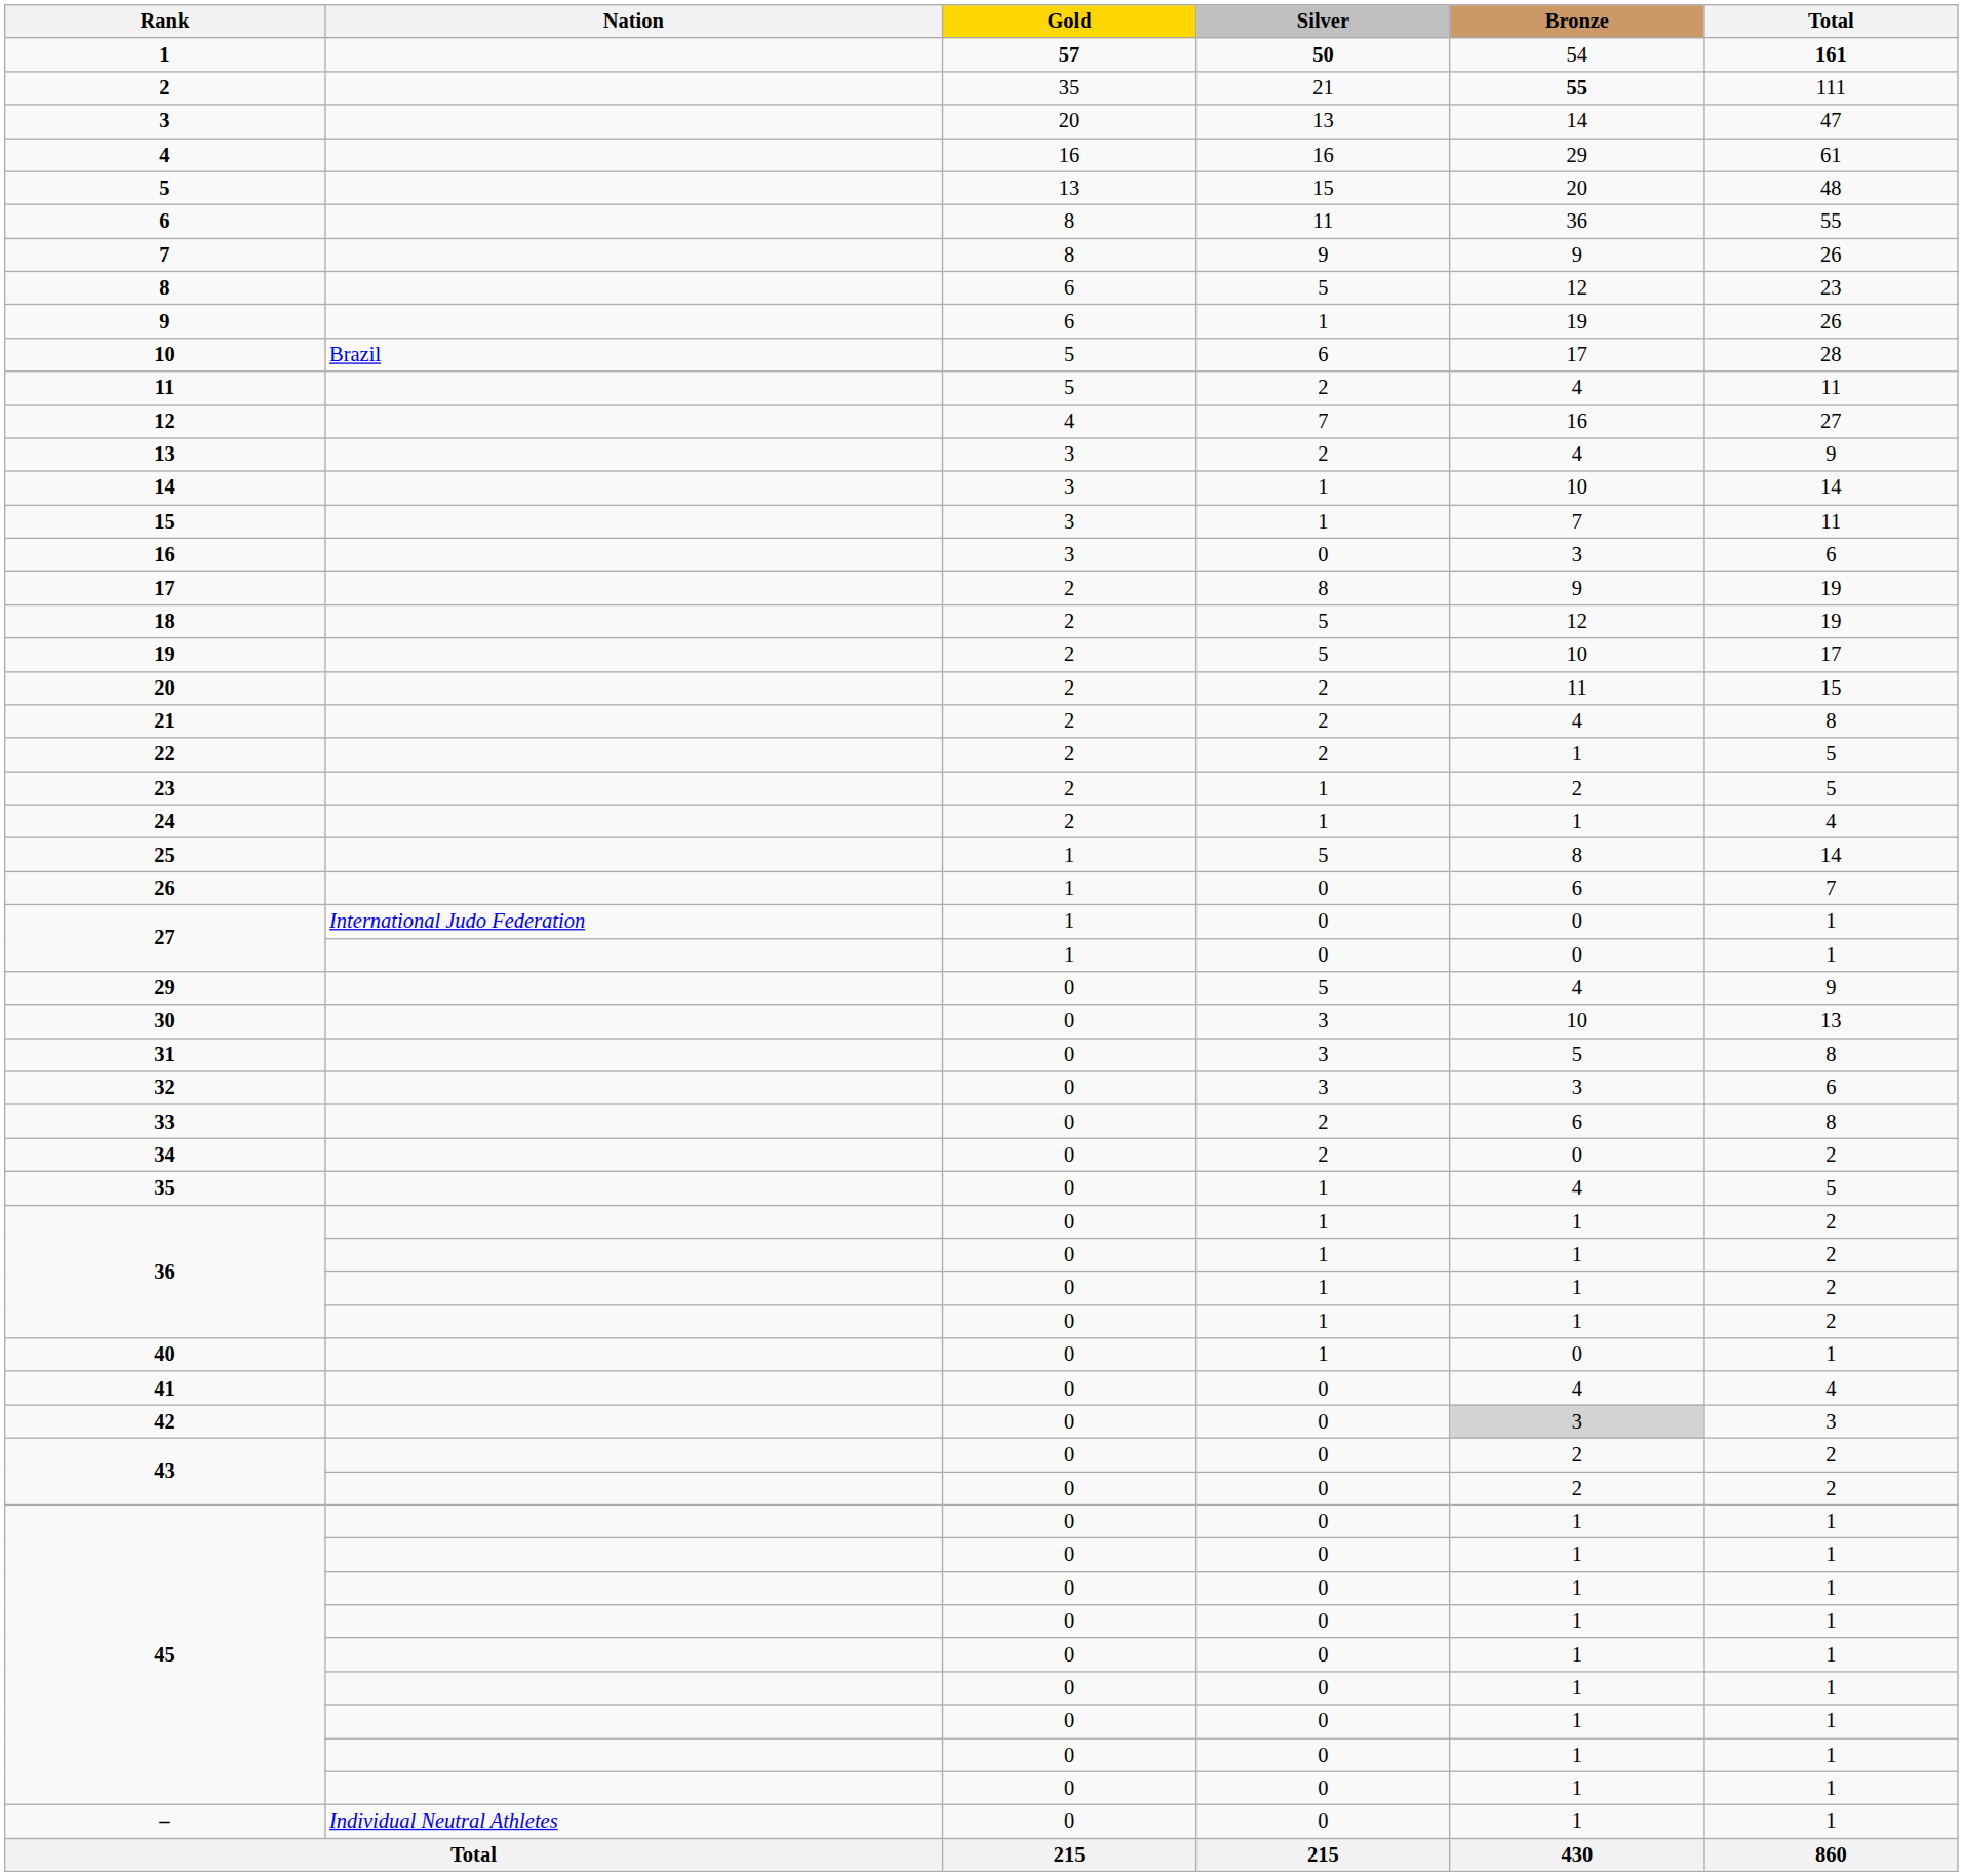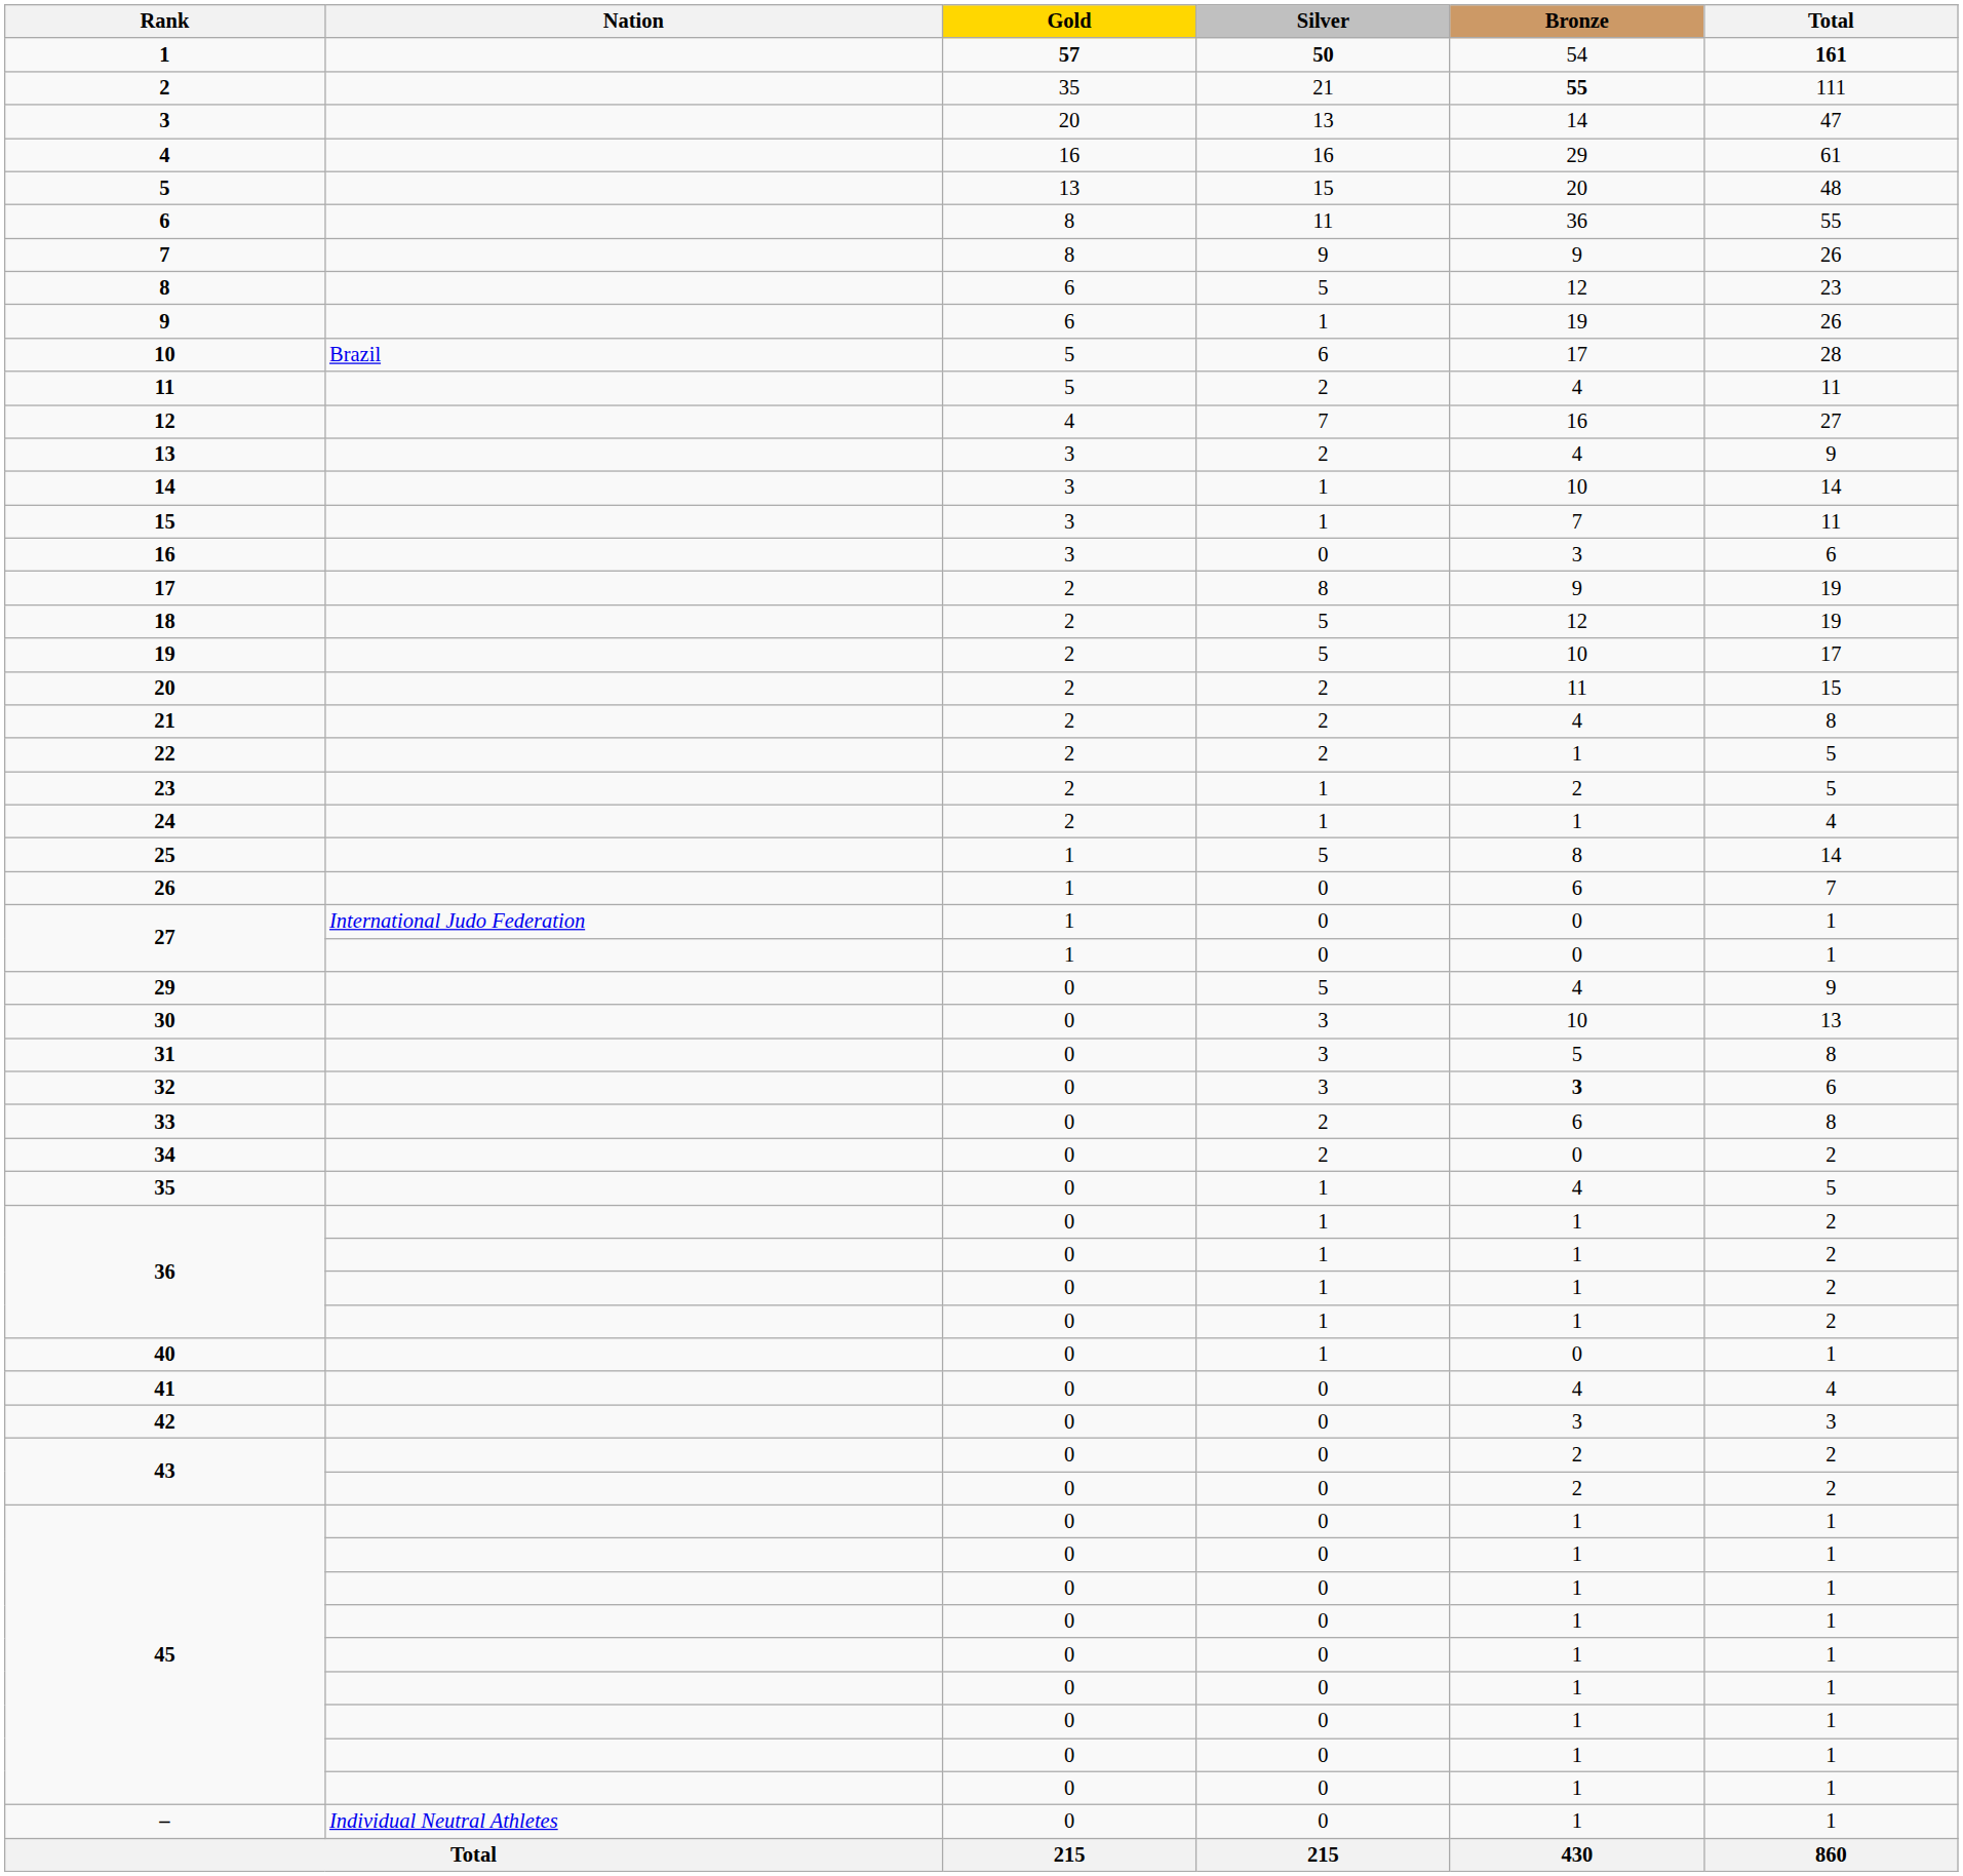 <table class="wikitable collapsible autocollapse plainrowheaders" width=75% style="text-align:center;">
 <tr style="background-color:#EDEDED;">
 <th width=100px class="hintergrundfarbe5">Rank</th>
 <th width=200px class="hintergrundfarbe6">Nation</th>
 <th style="background:    gold; width:13%">Gold</th>
 <th style="background:  silver; width:13%">Silver</th>
 <th style="background: #CC9966; width:13%">Bronze</th>
 <th class="hintergrundfarbe6" style="width:13%">Total</th>
 </tr>
 <tr>
 <td><strong>1</strong></td>
 <td align=left></td>
 <td><strong>57</strong></td>
 <td><strong>50</strong></td>
 <td>54</td>
 <td><strong>161</strong></td>
 </tr>
 <tr>
 <td><strong>2</strong></td>
 <td align=left></td>
 <td>35</td>
 <td>21</td>
 <td><strong>55</strong></td>
 <td>111</td>
 </tr>
 <tr>
 <td><strong>3</strong></td>
 <td align=left></td>
 <td>20</td>
 <td>13</td>
 <td>14</td>
 <td>47</td>
 </tr>
 <tr>
 <td><strong>4</strong></td>
 <td align=left></td>
 <td>16</td>
 <td>16</td>
 <td>29</td>
 <td>61</td>
 </tr>
 <tr>
 <td><strong>5</strong></td>
 <td align=left></td>
 <td>13</td>
 <td>15</td>
 <td>20</td>
 <td>48</td>
 </tr>
 <tr>
 <td><strong>6</strong></td>
 <td align=left></td>
 <td>8</td>
 <td>11</td>
 <td>36</td>
 <td>55</td>
 </tr>
 <tr>
 <td><strong>7</strong></td>
 <td align=left></td>
 <td>8</td>
 <td>9</td>
 <td>9</td>
 <td>26</td>
 </tr>
 <tr>
 <td><strong>8</strong></td>
 <td align=left></td>
 <td>6</td>
 <td>5</td>
 <td>12</td>
 <td>23</td>
 </tr>
 <tr>
 <td><strong>9</strong></td>
 <td align=left></td>
 <td>6</td>
 <td>1</td>
 <td>19</td>
 <td>26</td>
 </tr>
 <tr>
 <td><strong>10</strong></td>
 <td align=left> <a href='#'>Brazil</a></td>
 <td>5</td>
 <td>6</td>
 <td>17</td>
 <td>28</td>
 </tr>
 <tr>
 <td><strong>11</strong></td>
 <td align=left></td>
 <td>5</td>
 <td>2</td>
 <td>4</td>
 <td>11</td>
 </tr>
 <tr>
 <td><strong>12</strong></td>
 <td align=left></td>
 <td>4</td>
 <td>7</td>
 <td>16</td>
 <td>27</td>
 </tr>
 <tr>
 <td><strong>13</strong></td>
 <td align=left></td>
 <td>3</td>
 <td>2</td>
 <td>4</td>
 <td>9</td>
 </tr>
 <tr>
 <td><strong>14</strong></td>
 <td align=left></td>
 <td>3</td>
 <td>1</td>
 <td>10</td>
 <td>14</td>
 </tr>
 <tr>
 <td><strong>15</strong></td>
 <td align=left></td>
 <td>3</td>
 <td>1</td>
 <td>7</td>
 <td>11</td>
 </tr>
 <tr>
 <td><strong>16</strong></td>
 <td align=left></td>
 <td>3</td>
 <td>0</td>
 <td>3</td>
 <td>6</td>
 </tr>
 <tr>
 <td><strong>17</strong></td>
 <td align=left></td>
 <td>2</td>
 <td>8</td>
 <td>9</td>
 <td>19</td>
 </tr>
 <tr>
 <td><strong>18</strong></td>
 <td align=left><em></em></td>
 <td>2</td>
 <td>5</td>
 <td>12</td>
 <td>19</td>
 </tr>
 <tr>
 <td><strong>19</strong></td>
 <td align=left></td>
 <td>2</td>
 <td>5</td>
 <td>10</td>
 <td>17</td>
 </tr>
 <tr>
 <td><strong>20</strong></td>
 <td align=left></td>
 <td>2</td>
 <td>2</td>
 <td>11</td>
 <td>15</td>
 </tr>
 <tr>
 <td><strong>21</strong></td>
 <td align=left></td>
 <td>2</td>
 <td>2</td>
 <td>4</td>
 <td>8</td>
 </tr>
 <tr>
 <td><strong>22</strong></td>
 <td align=left></td>
 <td>2</td>
 <td>2</td>
 <td>1</td>
 <td>5</td>
 </tr>
 <tr>
 <td><strong>23</strong></td>
 <td align=left></td>
 <td>2</td>
 <td>1</td>
 <td>2</td>
 <td>5</td>
 </tr>
 <tr>
 <td><strong>24</strong></td>
 <td align=left></td>
 <td>2</td>
 <td>1</td>
 <td>1</td>
 <td>4</td>
 </tr>
 <tr>
 <td><strong>25</strong></td>
 <td align=left></td>
 <td>1</td>
 <td>5</td>
 <td>8</td>
 <td>14</td>
 </tr>
 <tr>
 <td><strong>26</strong></td>
 <td align=left></td>
 <td>1</td>
 <td>0</td>
 <td>6</td>
 <td>7</td>
 </tr>
 <tr>
 <td rowspan=2><strong>27</strong></td>
 <td align=left><em><a href='#'>International Judo Federation</a></em></td>
 <td>1</td>
 <td>0</td>
 <td>0</td>
 <td>1</td>
 </tr>
 <tr>
 <td align=left></td>
 <td>1</td>
 <td>0</td>
 <td>0</td>
 <td>1</td>
 </tr>
 <tr>
 <td><strong>29</strong></td>
 <td align=left></td>
 <td>0</td>
 <td>5</td>
 <td>4</td>
 <td>9</td>
 </tr>
 <tr>
 <td><strong>30</strong></td>
 <td align=left></td>
 <td>0</td>
 <td>3</td>
 <td>10</td>
 <td>13</td>
 </tr>
 <tr>
 <td><strong>31</strong></td>
 <td align=left></td>
 <td>0</td>
 <td>3</td>
 <td>5</td>
 <td>8</td>
 </tr>
 <tr>
 <td><strong>32</strong></td>
 <td align=left></td>
 <td>0</td>
 <td>3</td>
-<td>3</td>
+<td><strong>3</strong></td>
 <td>6</td>
 </tr>
 <tr>
 <td><strong>33</strong></td>
 <td align=left></td>
 <td>0</td>
 <td>2</td>
 <td>6</td>
 <td>8</td>
 </tr>
 <tr>
 <td><strong>34</strong></td>
 <td align=left></td>
 <td>0</td>
 <td>2</td>
 <td>0</td>
 <td>2</td>
 </tr>
 <tr>
 <td><strong>35</strong></td>
 <td align=left></td>
 <td>0</td>
 <td>1</td>
 <td>4</td>
 <td>5</td>
 </tr>
 <tr>
 <td rowspan=4><strong>36</strong></td>
 <td align=left></td>
 <td>0</td>
 <td>1</td>
 <td>1</td>
 <td>2</td>
 </tr>
 <tr>
 <td align=left></td>
 <td>0</td>
 <td>1</td>
 <td>1</td>
 <td>2</td>
 </tr>
 <tr>
 <td align=left></td>
 <td>0</td>
 <td>1</td>
 <td>1</td>
 <td>2</td>
 </tr>
 <tr>
 <td align=left></td>
 <td>0</td>
 <td>1</td>
 <td>1</td>
 <td>2</td>
 </tr>
 <tr>
 <td><strong>40</strong></td>
 <td align=left><em></em></td>
 <td>0</td>
 <td>1</td>
 <td>0</td>
 <td>1</td>
 </tr>
 <tr>
 <td><strong>41</strong></td>
 <td align=left></td>
 <td>0</td>
 <td>0</td>
 <td>4</td>
 <td>4</td>
 </tr>
 <tr>
 <td><strong>42</strong></td>
 <td align=left></td>
 <td>0</td>
 <td>0</td>
-<td style="background: lightgrey;">3</td>
+<td>3</td>
 <td>3</td>
 </tr>
 <tr>
 <td rowspan=2><strong>43</strong></td>
 <td align=left></td>
 <td>0</td>
 <td>0</td>
 <td>2</td>
 <td>2</td>
 </tr>
 <tr>
 <td align=left></td>
 <td>0</td>
 <td>0</td>
 <td>2</td>
 <td>2</td>
 </tr>
 <tr>
 <td rowspan=9><strong>45</strong></td>
 <td align=left></td>
 <td>0</td>
 <td>0</td>
 <td>1</td>
 <td>1</td>
 </tr>
 <tr>
 <td align=left></td>
 <td>0</td>
 <td>0</td>
 <td>1</td>
 <td>1</td>
 </tr>
 <tr>
 <td align=left></td>
 <td>0</td>
 <td>0</td>
 <td>1</td>
 <td>1</td>
 </tr>
 <tr>
 <td align=left></td>
 <td>0</td>
 <td>0</td>
 <td>1</td>
 <td>1</td>
 </tr>
 <tr>
 <td align=left></td>
 <td>0</td>
 <td>0</td>
 <td>1</td>
 <td>1</td>
 </tr>
 <tr>
 <td align=left></td>
 <td>0</td>
 <td>0</td>
 <td>1</td>
 <td>1</td>
 </tr>
 <tr>
 <td align=left></td>
 <td>0</td>
 <td>0</td>
 <td>1</td>
 <td>1</td>
 </tr>
 <tr>
 <td align=left></td>
 <td>0</td>
 <td>0</td>
 <td>1</td>
 <td>1</td>
 </tr>
 <tr>
 <td align=left><em></em></td>
 <td>0</td>
 <td>0</td>
 <td>1</td>
 <td>1</td>
 </tr>
 <tr>
 <td><strong>–</strong></td>
 <td align=left><em><a href='#'>Individual Neutral Athletes</a></em></td>
 <td>0</td>
 <td>0</td>
 <td>1</td>
 <td>1</td>
 </tr>
 <tr class="sortbottom">
 <th colspan=2>Total</th>
 <th>215</th>
 <th>215</th>
 <th>430</th>
 <th>860</th>
 </tr>
 </table>
